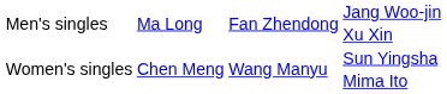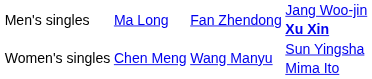 <table>
 <tr>
 <td rowspan=2>Men's singles <br></td>
 <td rowspan=2> <a href='#'>Ma Long</a></td>
 <td rowspan=2> <a href='#'>Fan Zhendong</a></td>
 <td> <a href='#'>Jang Woo-jin</a></td>
 </tr>
 <tr>
-<td> <a href='#'>Xu Xin</a></td>
+<td><strong> <a href='#'>Xu Xin</a></strong></td>
 </tr>
 <tr>
 <td rowspan=2>Women's singles <br></td>
 <td rowspan=2> <a href='#'>Chen Meng</a></td>
 <td rowspan=2> <a href='#'>Wang Manyu</a></td>
 <td> <a href='#'>Sun Yingsha</a></td>
 </tr>
 <tr>
 <td> <a href='#'>Mima Ito</a></td>
 </tr>
 </table>
